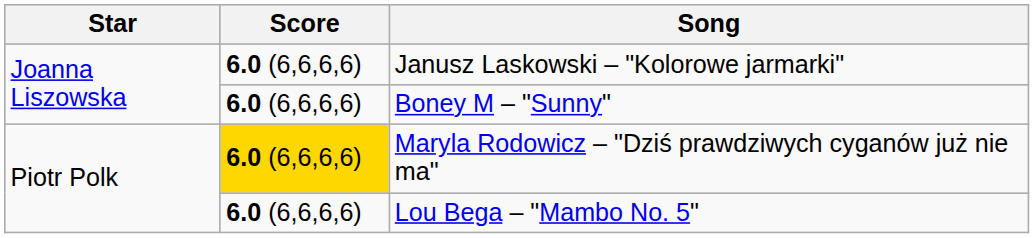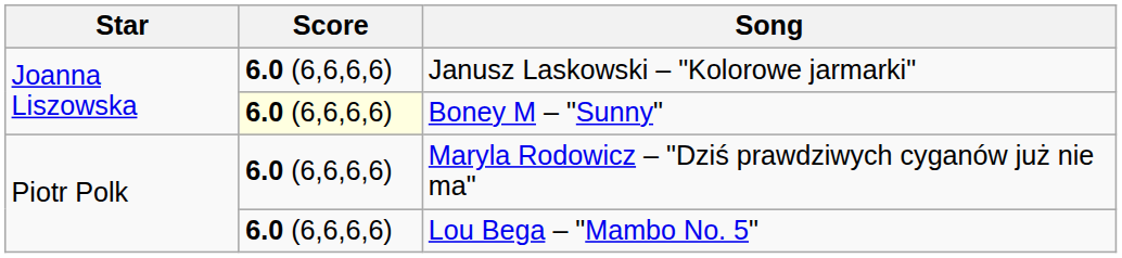 <table class="wikitable">
 <tr>
 <th style="width:130px;">Star</th>
 <th style="width:100px;">Score</th>
 <th style="width:400px;">Song</th>
 </tr>
 <tr>
 <td rowspan="2"><a href='#'>Joanna Liszowska</a></td>
 <td><strong>6.0</strong> (6,6,6,6)</td>
 <td>Janusz Laskowski – "Kolorowe jarmarki"</td>
 </tr>
 <tr>
-<td><strong>6.0</strong> (6,6,6,6)</td>
+<td style="background: lightyellow;"><strong>6.0</strong> (6,6,6,6)</td>
 <td><a href='#'>Boney M</a> – "<a href='#'>Sunny</a>"</td>
 </tr>
 <tr>
 <td rowspan="2">Piotr Polk</td>
-<td style="background: gold;"><strong>6.0</strong> (6,6,6,6)</td>
+<td><strong>6.0</strong> (6,6,6,6)</td>
 <td><a href='#'>Maryla Rodowicz</a> – "Dziś prawdziwych cyganów już nie ma"</td>
 </tr>
 <tr>
 <td><strong>6.0</strong> (6,6,6,6)</td>
 <td><a href='#'>Lou Bega</a> – "<a href='#'>Mambo No. 5</a>"</td>
 </tr>
 </table>
